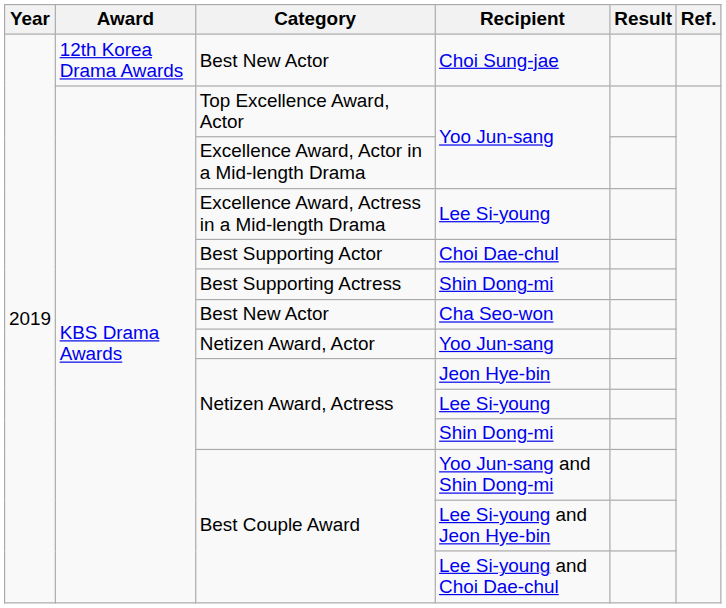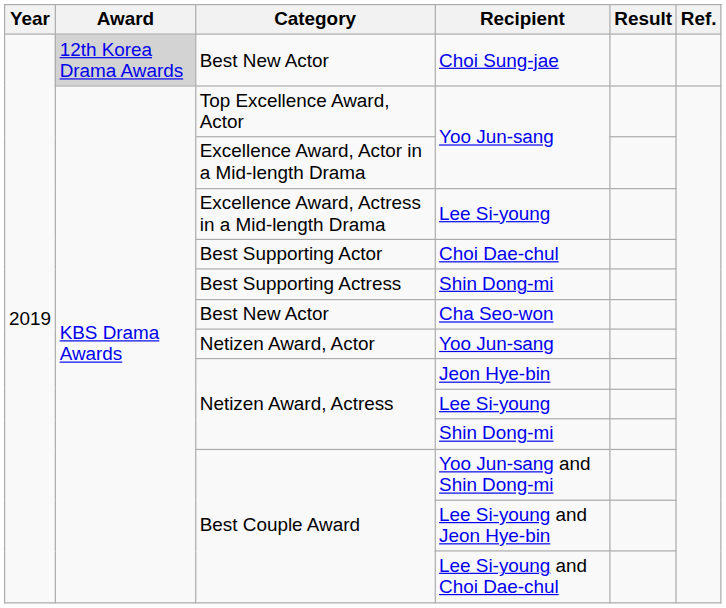 <table class="wikitable">
 <tr>
 <th>Year</th>
 <th>Award</th>
 <th>Category</th>
 <th>Recipient</th>
 <th>Result</th>
 <th>Ref.</th>
 </tr>
 <tr>
 <td rowspan=14>2019</td>
-<td><a href='#'>12th Korea Drama Awards</a></td>
+<td style="background: lightgrey;"><a href='#'>12th Korea Drama Awards</a></td>
 <td>Best New Actor</td>
 <td><a href='#'>Choi Sung-jae</a></td>
 <td></td>
 <td></td>
 </tr>
 <tr>
 <td rowspan=13><a href='#'>KBS Drama Awards</a></td>
 <td>Top Excellence Award, Actor</td>
 <td rowspan=2><a href='#'>Yoo Jun-sang</a></td>
 <td></td>
 </tr>
 <tr>
 <td>Excellence Award, Actor in a Mid-length Drama</td>
 <td></td>
 </tr>
 <tr>
 <td>Excellence Award, Actress in a Mid-length Drama</td>
 <td><a href='#'>Lee Si-young</a></td>
 <td></td>
 </tr>
 <tr>
 <td>Best Supporting Actor</td>
 <td><a href='#'>Choi Dae-chul</a></td>
 <td></td>
 </tr>
 <tr>
 <td>Best Supporting Actress</td>
 <td><a href='#'>Shin Dong-mi</a></td>
 <td></td>
 </tr>
 <tr>
 <td>Best New Actor</td>
 <td><a href='#'>Cha Seo-won</a></td>
 <td></td>
 </tr>
 <tr>
 <td>Netizen Award, Actor</td>
 <td><a href='#'>Yoo Jun-sang</a></td>
 <td></td>
 </tr>
 <tr>
 <td rowspan=3>Netizen Award, Actress</td>
 <td><a href='#'>Jeon Hye-bin</a></td>
 <td></td>
 </tr>
 <tr>
 <td><a href='#'>Lee Si-young</a></td>
 <td></td>
 </tr>
 <tr>
 <td><a href='#'>Shin Dong-mi</a></td>
 <td></td>
 </tr>
 <tr>
 <td rowspan=3>Best Couple Award</td>
 <td><a href='#'>Yoo Jun-sang</a> and <a href='#'>Shin Dong-mi</a></td>
 <td></td>
 </tr>
 <tr>
 <td><a href='#'>Lee Si-young</a> and <a href='#'>Jeon Hye-bin</a></td>
 <td></td>
 </tr>
 <tr>
 <td><a href='#'>Lee Si-young</a> and <a href='#'>Choi Dae-chul</a></td>
 <td></td>
 </tr>
 </table>
